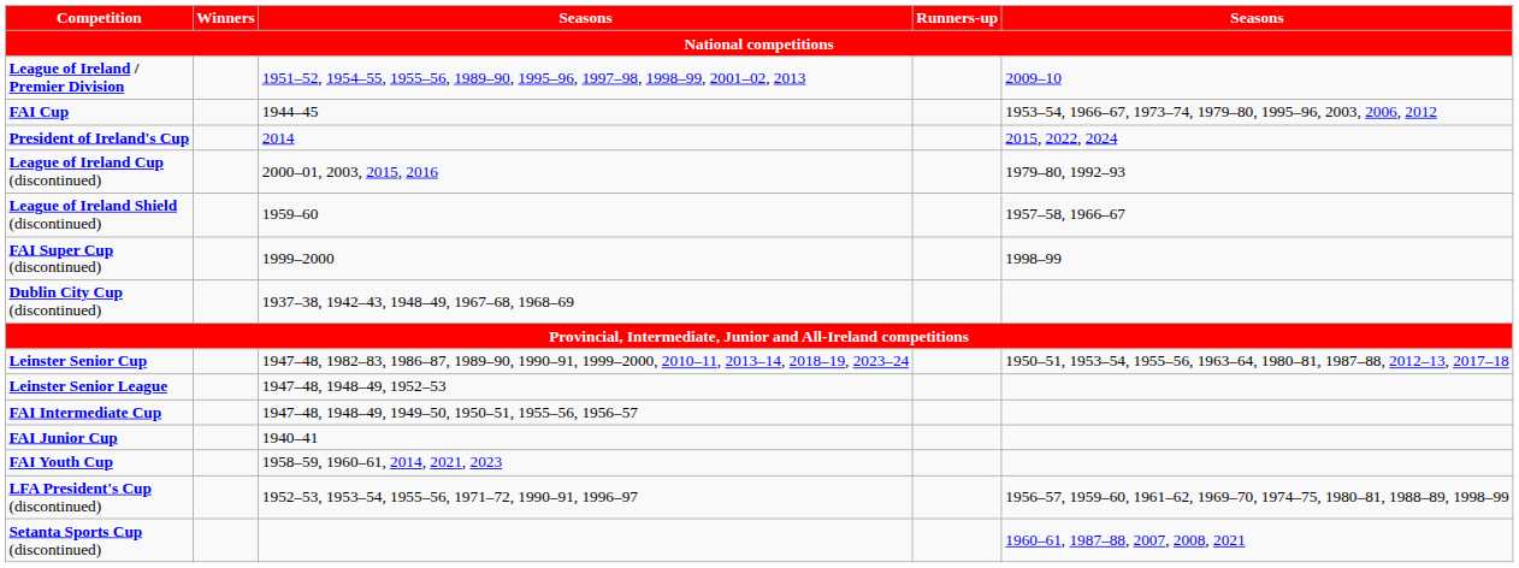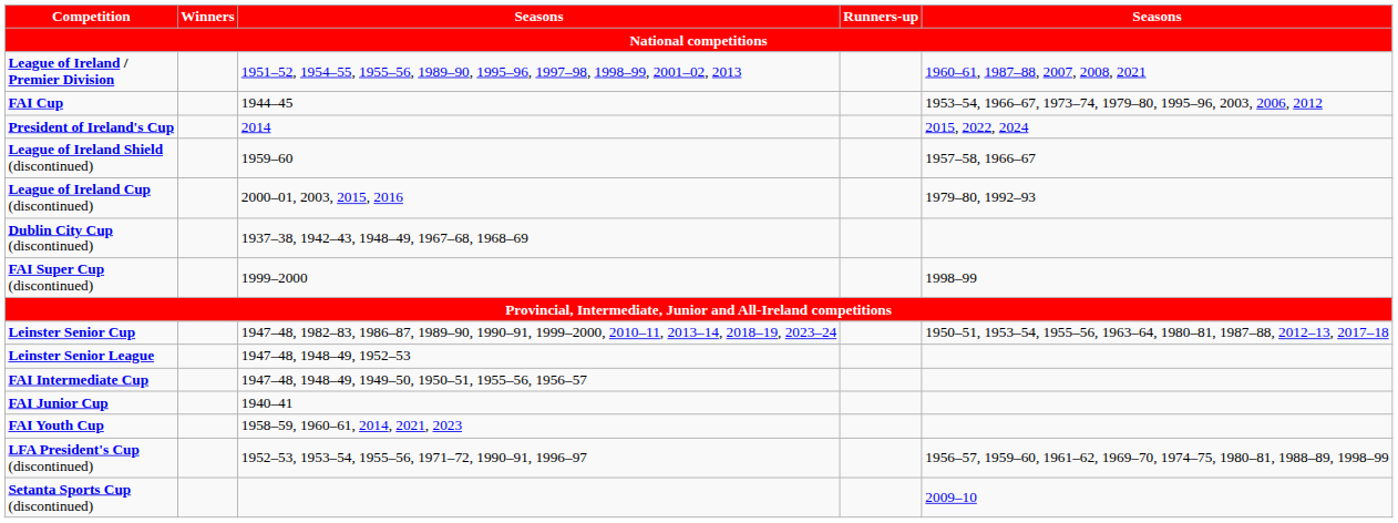 <table class="wikitable">
 <tr>
 <th style="color:white; background:red">Competition</th>
 <th style="color:white; background:red">Winners</th>
 <th style="color:white; background:red">Seasons</th>
 <th style="color:white; background:red">Runners-up</th>
 <th style="color:white; background:red">Seasons</th>
 </tr>
 <tr>
 <th Colspan="5" style="color:white; background:red"><strong>National competitions</strong></th>
 </tr>
 <tr>
 <td><strong><a href='#'>League of Ireland</a> / <br><a href='#'>Premier Division</a></strong></td>
 <td></td>
 <td><a href='#'>1951–52</a>, <a href='#'>1954–55</a>, <a href='#'>1955–56</a>, <a href='#'>1989–90</a>, <a href='#'>1995–96</a>, <a href='#'>1997–98</a>, <a href='#'>1998–99</a>, <a href='#'>2001–02</a>, <a href='#'>2013</a></td>
 <td></td>
-<td><a href='#'>2009–10</a></td>
+<td><a href='#'>1960–61</a>, <a href='#'>1987–88</a>, <a href='#'>2007</a>, <a href='#'>2008</a>, <a href='#'>2021</a></td>
 </tr>
 <tr>
 <td><strong><a href='#'>FAI Cup</a></strong></td>
 <td></td>
 <td>1944–45</td>
 <td></td>
 <td>1953–54, 1966–67, 1973–74, 1979–80, 1995–96, 2003, <a href='#'>2006</a>, <a href='#'>2012</a></td>
 </tr>
 <tr>
 <td><strong><a href='#'>President of Ireland's Cup</a></strong></td>
 <td></td>
 <td><a href='#'>2014</a></td>
 <td></td>
 <td><a href='#'>2015</a>, <a href='#'>2022</a>, <a href='#'>2024</a></td>
 </tr>
 <tr>
+<td><strong><a href='#'>League of Ireland Shield</a></strong><br>(discontinued)</td>
+<td></td>
+<td>1959–60</td>
+<td></td>
+<td>1957–58, 1966–67</td>
+</tr>
+<tr>
 <td><strong><a href='#'>League of Ireland Cup</a></strong><br>(discontinued)</td>
 <td></td>
 <td>2000–01, 2003, <a href='#'>2015</a>, <a href='#'>2016</a></td>
 <td></td>
 <td>1979–80, 1992–93</td>
 </tr>
 <tr>
-<td><strong><a href='#'>League of Ireland Shield</a></strong><br>(discontinued)</td>
+<td><strong><a href='#'>Dublin City Cup</a></strong><br>(discontinued)</td>
 <td></td>
-<td>1959–60</td>
+<td>1937–38, 1942–43, 1948–49, 1967–68, 1968–69</td>
 <td></td>
-<td>1957–58, 1966–67</td>
+<td></td>
 </tr>
 <tr>
 <td><strong><a href='#'>FAI Super Cup</a></strong><br>(discontinued)</td>
 <td></td>
 <td>1999–2000</td>
 <td></td>
 <td>1998–99</td>
-</tr>
-<tr>
-<td><strong><a href='#'>Dublin City Cup</a></strong><br>(discontinued)</td>
-<td></td>
-<td>1937–38, 1942–43, 1948–49, 1967–68, 1968–69</td>
-<td></td>
-<td></td>
 </tr>
 <tr>
 <th Colspan="5" style="color:white; background:red"><strong>Provincial, Intermediate, Junior and All-Ireland competitions</strong></th>
 </tr>
 <tr>
 <td><strong><a href='#'>Leinster Senior Cup</a></strong></td>
 <td></td>
 <td>1947–48, 1982–83, 1986–87, 1989–90, 1990–91, 1999–2000, <a href='#'>2010–11</a>, <a href='#'>2013–14</a>, <a href='#'>2018–19</a>, <a href='#'>2023–24</a></td>
 <td></td>
 <td>1950–51, 1953–54, 1955–56, 1963–64, 1980–81, 1987–88, <a href='#'>2012–13</a>, <a href='#'>2017–18</a></td>
 </tr>
 <tr>
 <td><strong><a href='#'>Leinster Senior League</a></strong></td>
 <td></td>
 <td>1947–48, 1948–49, 1952–53</td>
 <td></td>
 <td></td>
 </tr>
 <tr>
 <td><strong><a href='#'>FAI Intermediate Cup</a></strong></td>
 <td></td>
 <td>1947–48, 1948–49, 1949–50, 1950–51, 1955–56, 1956–57</td>
 <td></td>
 <td></td>
 </tr>
 <tr>
 <td><strong><a href='#'>FAI Junior Cup</a></strong></td>
 <td></td>
 <td>1940–41</td>
 <td></td>
 <td></td>
 </tr>
 <tr>
 <td><strong><a href='#'>FAI Youth Cup</a></strong></td>
 <td></td>
 <td>1958–59, 1960–61, <a href='#'>2014</a>, <a href='#'>2021</a>, <a href='#'>2023</a></td>
 <td></td>
 <td></td>
 </tr>
 <tr>
 <td><strong><a href='#'>LFA President's Cup</a></strong><br>(discontinued)</td>
 <td></td>
 <td>1952–53, 1953–54, 1955–56, 1971–72, 1990–91, 1996–97</td>
 <td></td>
 <td>1956–57, 1959–60, 1961–62, 1969–70, 1974–75, 1980–81, 1988–89, 1998–99</td>
 </tr>
 <tr>
 <td><strong><a href='#'>Setanta Sports Cup</a></strong><br>(discontinued)</td>
 <td></td>
 <td></td>
 <td></td>
-<td><a href='#'>1960–61</a>, <a href='#'>1987–88</a>, <a href='#'>2007</a>, <a href='#'>2008</a>, <a href='#'>2021</a></td>
+<td><a href='#'>2009–10</a></td>
 </tr>
 </table>
